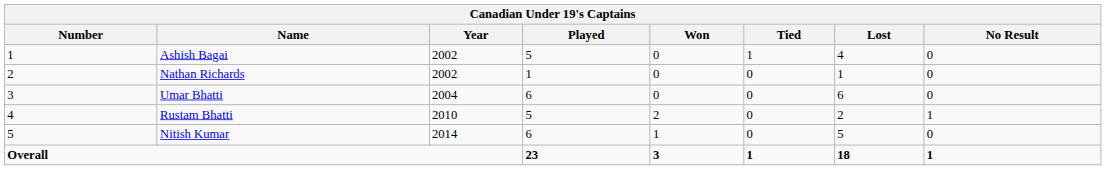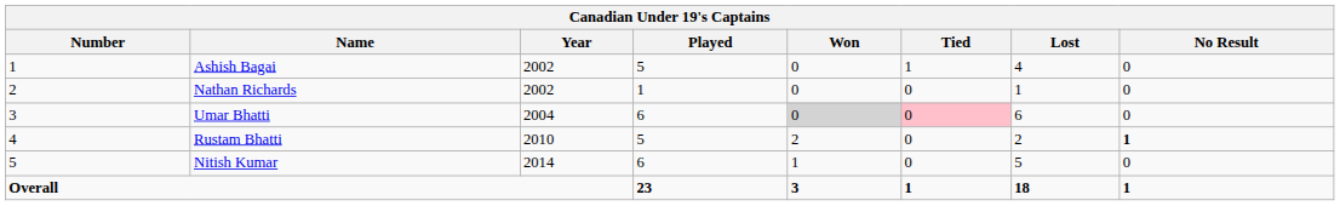 <table class="wikitable" width="70%">
 <tr>
 <th bgcolor="#efefef" colspan=9>Canadian Under 19's Captains</th>
 </tr>
 <tr bgcolor="#efefef">
 <th>Number</th>
 <th>Name</th>
 <th>Year</th>
 <th>Played</th>
 <th>Won</th>
 <th>Tied</th>
 <th>Lost</th>
 <th>No Result</th>
 </tr>
 <tr>
 <td>1</td>
 <td><a href='#'>Ashish Bagai</a></td>
 <td>2002</td>
 <td>5</td>
 <td>0</td>
 <td>1</td>
 <td>4</td>
 <td>0</td>
 </tr>
 <tr>
 <td>2</td>
 <td><a href='#'>Nathan Richards</a></td>
 <td>2002</td>
 <td>1</td>
 <td>0</td>
 <td>0</td>
 <td>1</td>
 <td>0</td>
 </tr>
 <tr>
 <td>3</td>
 <td><a href='#'>Umar Bhatti</a></td>
 <td>2004</td>
 <td>6</td>
-<td>0</td>
-<td>0</td>
+<td style="background: lightgrey;">0</td>
+<td style="background: pink;">0</td>
 <td>6</td>
 <td>0</td>
 </tr>
 <tr>
 <td>4</td>
 <td><a href='#'>Rustam Bhatti</a></td>
 <td>2010</td>
 <td>5</td>
 <td>2</td>
 <td>0</td>
 <td>2</td>
-<td>1</td>
+<td><strong>1</strong></td>
 </tr>
 <tr>
 <td>5</td>
 <td><a href='#'>Nitish Kumar</a></td>
 <td>2014</td>
 <td>6</td>
 <td>1</td>
 <td>0</td>
 <td>5</td>
 <td>0</td>
 </tr>
 <tr>
 <td colspan=3><strong>Overall</strong></td>
 <td><strong>23</strong></td>
 <td><strong>3</strong></td>
 <td><strong>1</strong></td>
 <td><strong>18</strong></td>
 <td><strong>1</strong></td>
 </tr>
 </table>
